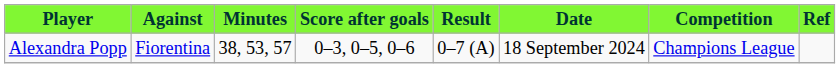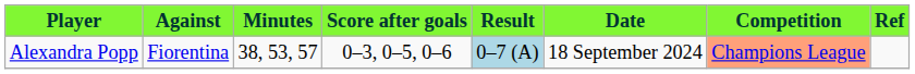 <table class="wikitable">
 <tr>
 <th style="background:#81F733; color:#003333; ">Player</th>
 <th style="background:#81F733; color:#003333; ">Against</th>
 <th style="background:#81F733; color:#003333; text-align:center; ">Minutes</th>
 <th style="background:#81F733; color:#003333; text-align:center; ">Score after goals</th>
 <th style="background:#81F733; color:#003333; text-align:center; ">Result</th>
 <th style="background:#81F733; color:#003333; ">Date</th>
 <th style="background:#81F733; color:#003333; text-align:center; ">Competition</th>
 <th style="background:#81F733; color:#003333; ">Ref</th>
 </tr>
 <tr>
 <td> <a href='#'>Alexandra Popp</a></td>
 <td><a href='#'>Fiorentina</a></td>
 <td style="text-align:center">38, 53, 57</td>
 <td style="text-align:center">0–3, 0–5, 0–6</td>
-<td style="text-align:center">0–7 (A)</td>
+<td style="background: lightblue; text-align:center">0–7 (A)</td>
 <td>18 September 2024</td>
-<td><a href='#'>Champions League</a></td>
+<td style="background: lightsalmon;"><a href='#'>Champions League</a></td>
 <td></td>
 </tr>
 <tr>
 </tr>
 </table>
